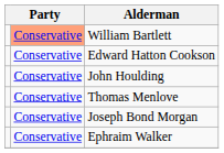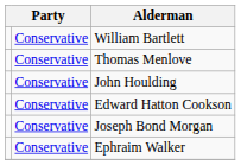 <table class="wikitable">
 <tr>
 <th colspan="2">Party</th>
 <th>Alderman</th>
 </tr>
 <tr>
 <td style="background-color:"></td>
-<td style="background: lightsalmon;"><a href='#'>Conservative</a></td>
+<td><a href='#'>Conservative</a></td>
 <td>William Bartlett</td>
 </tr>
 <tr>
 <td style="background-color:"></td>
 <td><a href='#'>Conservative</a></td>
-<td>Edward Hatton Cookson</td>
+<td>Thomas Menlove</td>
 </tr>
 <tr>
 <td style="background-color:"></td>
 <td><a href='#'>Conservative</a></td>
 <td>John Houlding</td>
 </tr>
 <tr>
 <td style="background-color:"></td>
 <td><a href='#'>Conservative</a></td>
-<td>Thomas Menlove</td>
+<td>Edward Hatton Cookson</td>
 </tr>
 <tr>
 <td style="background-color:"></td>
 <td><a href='#'>Conservative</a></td>
 <td>Joseph Bond Morgan</td>
 </tr>
 <tr>
 <td style="background-color:"></td>
 <td><a href='#'>Conservative</a></td>
 <td>Ephraim Walker</td>
 </tr>
 <tr>
 </tr>
 </table>
